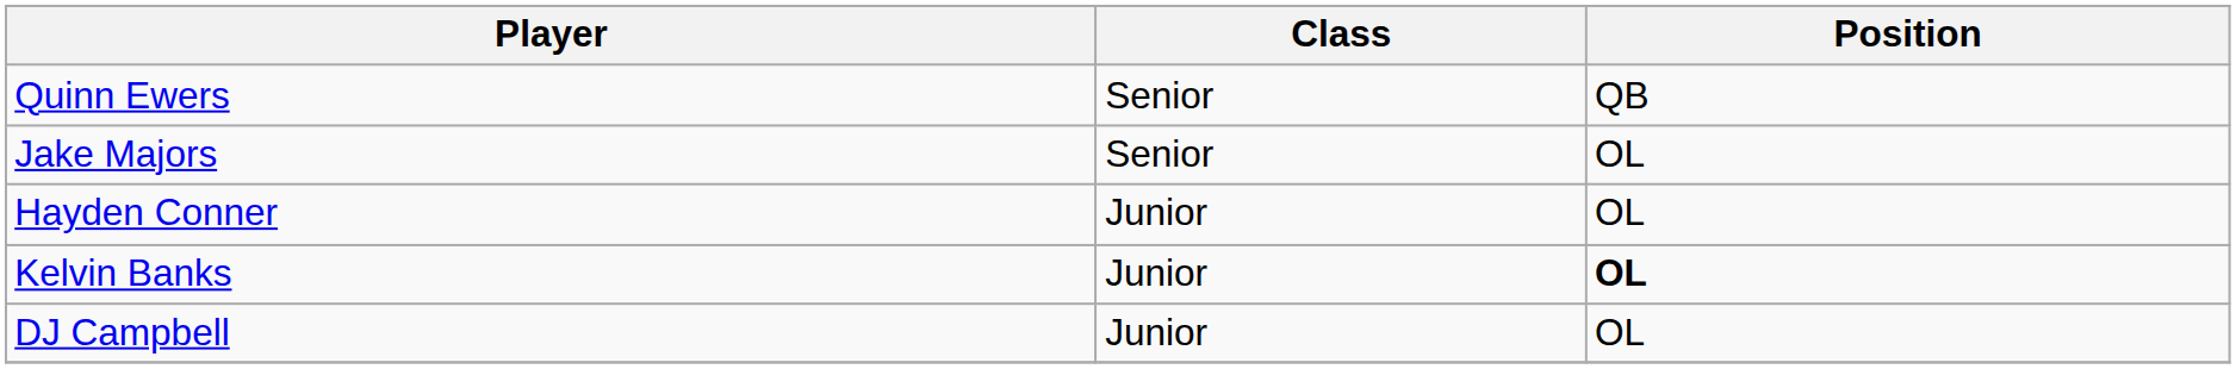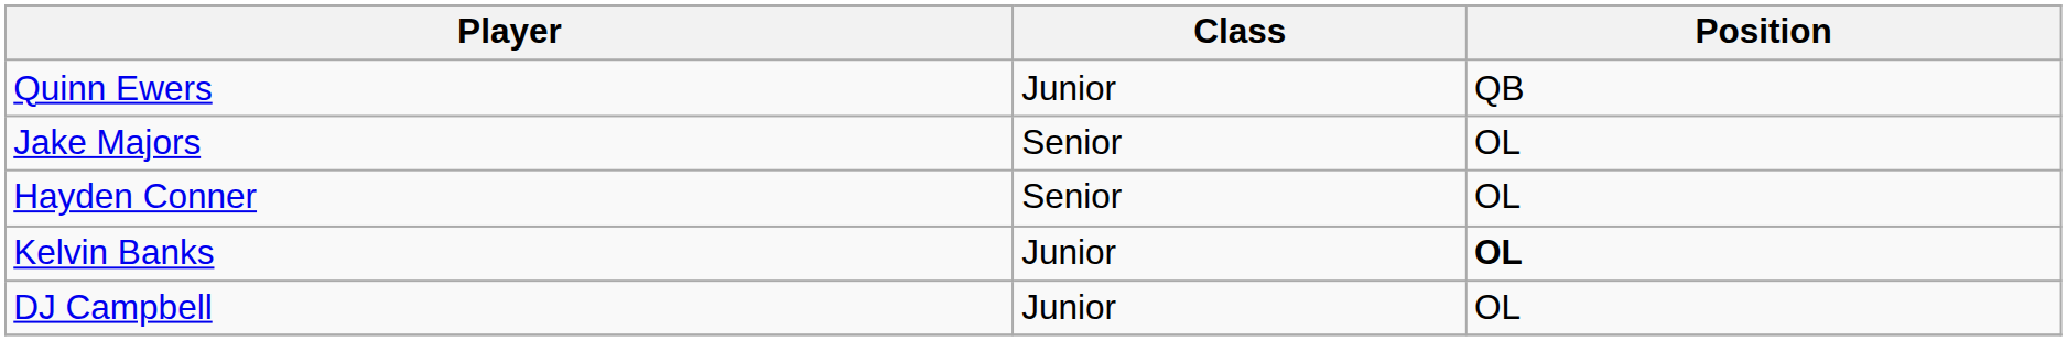 <table class="wikitable" style="width:75%;">
 <tr>
 <th style="text-align:center; ">Player</th>
 <th style="text-align:center; ">Class</th>
 <th style="text-align:center; ">Position</th>
 </tr>
 <tr>
 <td><a href='#'>Quinn Ewers</a></td>
-<td>Senior</td>
+<td>Junior</td>
 <td>QB</td>
 </tr>
 <tr>
 <td><a href='#'>Jake Majors</a></td>
 <td>Senior</td>
 <td>OL</td>
 </tr>
 <tr>
 <td><a href='#'>Hayden Conner</a></td>
-<td>Junior</td>
+<td>Senior</td>
 <td>OL</td>
 </tr>
 <tr>
 <td><a href='#'>Kelvin Banks</a></td>
 <td>Junior</td>
 <td><strong>OL</strong></td>
 </tr>
 <tr>
 <td><a href='#'>DJ Campbell</a></td>
 <td>Junior</td>
 <td>OL</td>
 </tr>
 <tr>
 </tr>
 </table>
